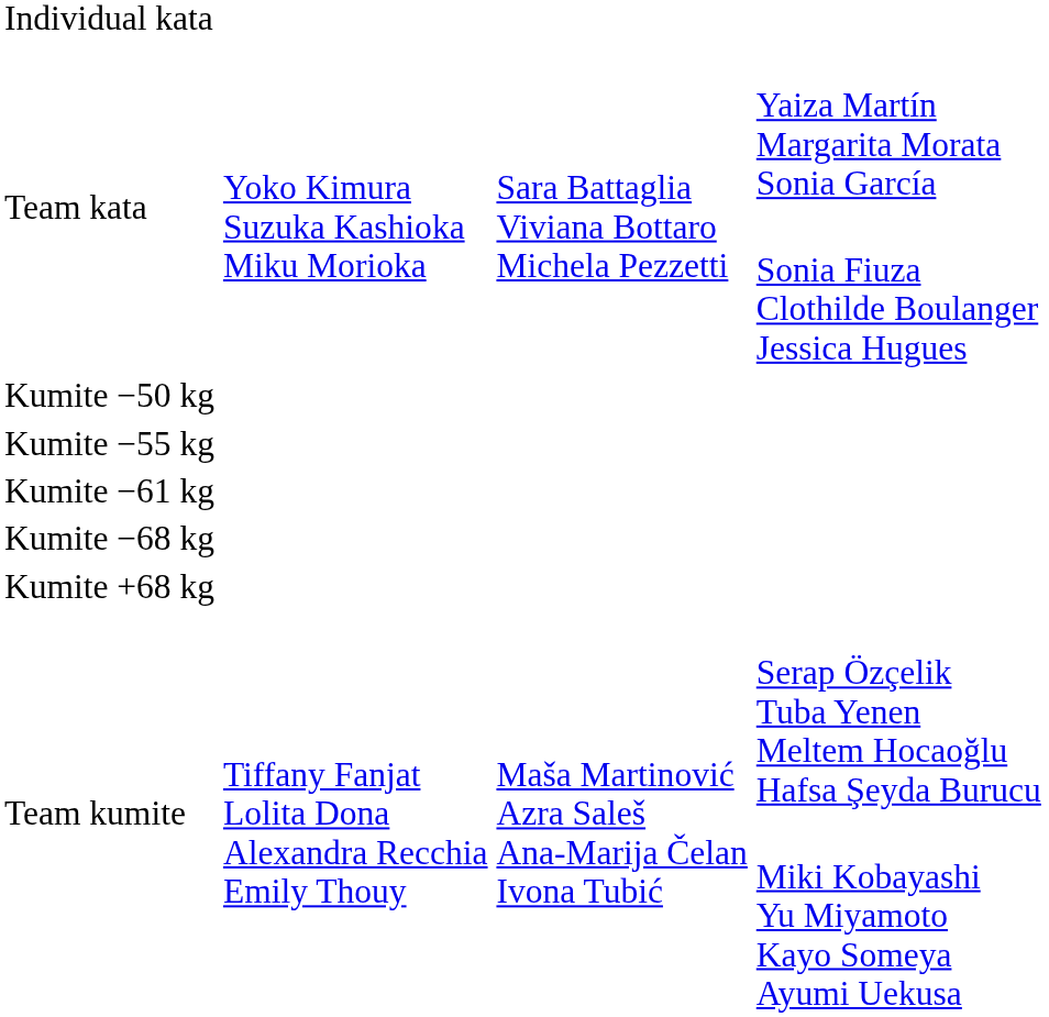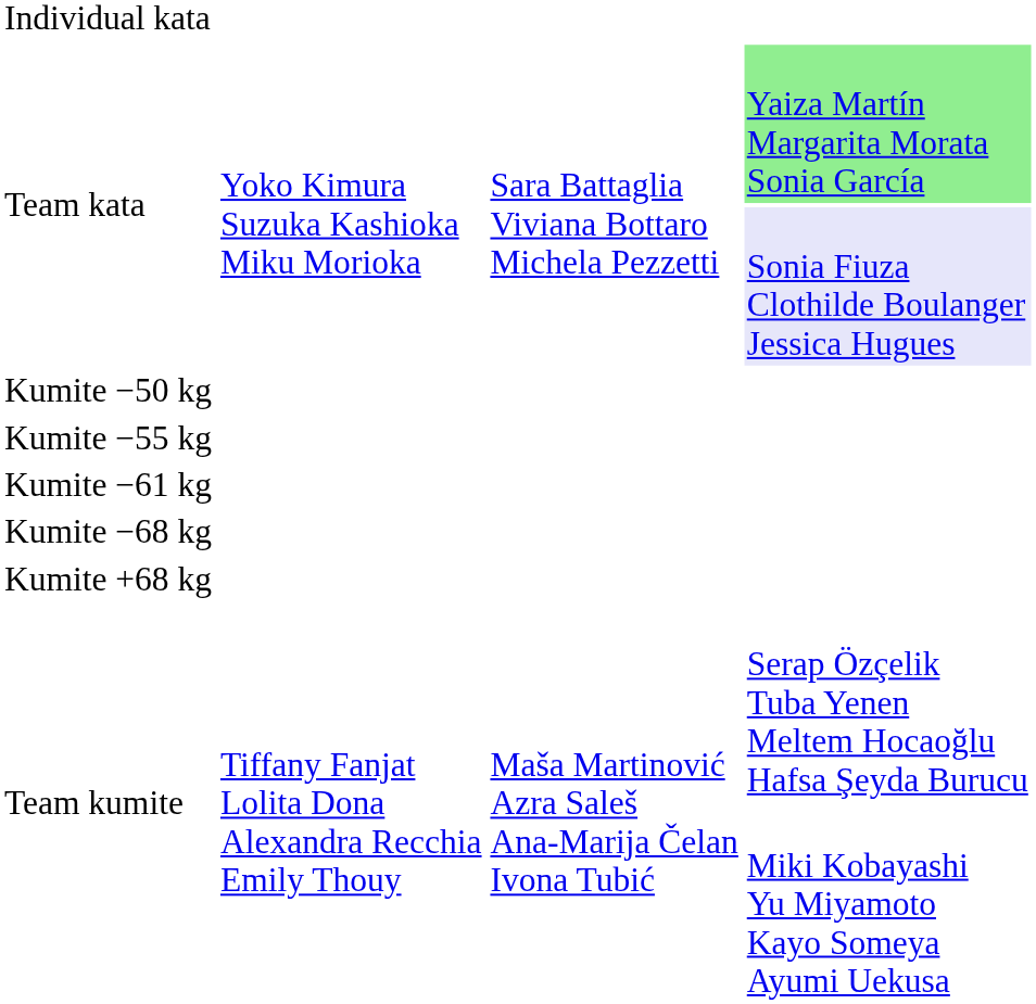 <table>
 <tr>
 <td rowspan=2>Individual kata</td>
 <td rowspan=2></td>
 <td rowspan=2></td>
 <td></td>
 </tr>
 <tr>
 <td></td>
 </tr>
 <tr>
 <td rowspan=2>Team kata</td>
 <td rowspan=2><br><a href='#'>Yoko Kimura</a><br><a href='#'>Suzuka Kashioka</a><br><a href='#'>Miku Morioka</a></td>
 <td rowspan=2><br><a href='#'>Sara Battaglia</a><br><a href='#'>Viviana Bottaro</a><br><a href='#'>Michela Pezzetti</a></td>
-<td><br><a href='#'>Yaiza Martín</a><br><a href='#'>Margarita Morata</a><br><a href='#'>Sonia García</a></td>
+<td style="background: lightgreen;"><br><a href='#'>Yaiza Martín</a><br><a href='#'>Margarita Morata</a><br><a href='#'>Sonia García</a></td>
 </tr>
 <tr>
-<td><br><a href='#'>Sonia Fiuza</a><br><a href='#'>Clothilde Boulanger</a><br><a href='#'>Jessica Hugues</a></td>
+<td style="background: lavender;"><br><a href='#'>Sonia Fiuza</a><br><a href='#'>Clothilde Boulanger</a><br><a href='#'>Jessica Hugues</a></td>
 </tr>
 <tr>
 <td rowspan=2>Kumite −50 kg</td>
 <td rowspan=2></td>
 <td rowspan=2></td>
 <td></td>
 </tr>
 <tr>
 <td></td>
 </tr>
 <tr>
 <td rowspan=2>Kumite −55 kg</td>
 <td rowspan=2></td>
 <td rowspan=2></td>
 <td></td>
 </tr>
 <tr>
 <td></td>
 </tr>
 <tr>
 <td rowspan=2>Kumite −61 kg</td>
 <td rowspan=2></td>
 <td rowspan=2></td>
 <td></td>
 </tr>
 <tr>
 <td></td>
 </tr>
 <tr>
 <td rowspan=2>Kumite −68 kg</td>
 <td rowspan=2></td>
 <td rowspan=2></td>
 <td></td>
 </tr>
 <tr>
 <td></td>
 </tr>
 <tr>
 <td rowspan=2>Kumite +68 kg</td>
 <td rowspan=2></td>
 <td rowspan=2></td>
 <td></td>
 </tr>
 <tr>
 <td></td>
 </tr>
 <tr>
 <td rowspan=2>Team kumite</td>
 <td rowspan=2><br><a href='#'>Tiffany Fanjat</a><br><a href='#'>Lolita Dona</a><br><a href='#'>Alexandra Recchia</a><br><a href='#'>Emily Thouy</a></td>
 <td rowspan=2><br><a href='#'>Maša Martinović</a><br><a href='#'>Azra Saleš</a><br><a href='#'>Ana-Marija Čelan</a><br><a href='#'>Ivona Tubić</a></td>
 <td><br><a href='#'>Serap Özçelik</a><br><a href='#'>Tuba Yenen</a><br><a href='#'>Meltem Hocaoğlu</a><br><a href='#'>Hafsa Şeyda Burucu</a></td>
 </tr>
 <tr>
 <td><br><a href='#'>Miki Kobayashi</a><br><a href='#'>Yu Miyamoto</a><br><a href='#'>Kayo Someya</a><br><a href='#'>Ayumi Uekusa</a></td>
 </tr>
 </table>
